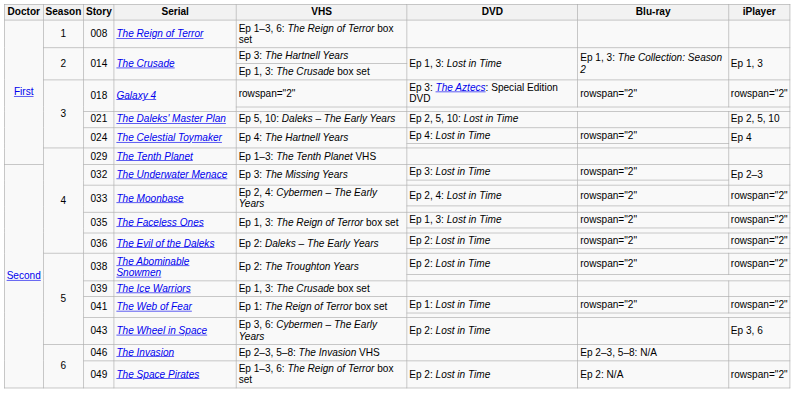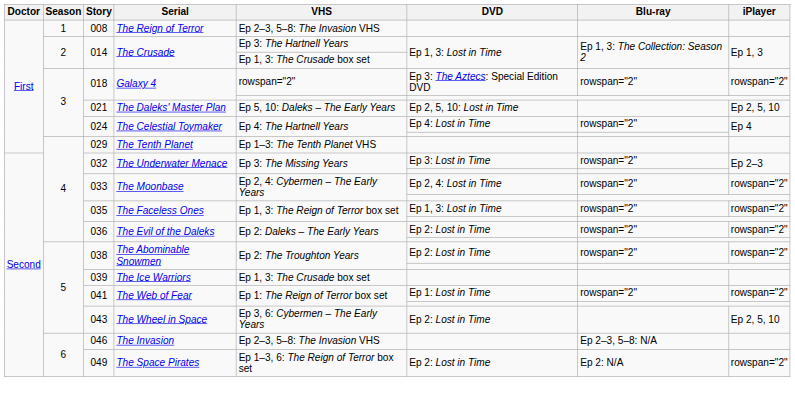 <table class="wikitable">
 <tr>
 <th>Doctor</th>
 <th>Season</th>
 <th>Story</th>
 <th>Serial</th>
 <th>VHS</th>
 <th>DVD</th>
 <th>Blu-ray</th>
 <th>iPlayer</th>
 </tr>
 <tr>
 <td rowspan="9" align="center"><a href='#'>First</a></td>
 <td align="center">1</td>
 <td align="center">008</td>
 <td><em><a href='#'>The Reign of Terror</a></em></td>
-<td>Ep 1–3, 6: <em>The Reign of Terror</em> box set</td>
+<td>Ep 2–3, 5–8: <em>The Invasion</em> VHS</td>
 <td></td>
 <td></td>
 <td></td>
 </tr>
 <tr>
 <td rowspan="2" align="center">2</td>
 <td rowspan="2" align="center">014</td>
 <td rowspan="2"><em><a href='#'>The Crusade</a></em></td>
 <td>Ep 3: <em>The Hartnell Years</em></td>
 <td rowspan="2">Ep 1, 3: <em>Lost in Time</em></td>
 <td rowspan="2">Ep 1, 3: <em>The Collection: Season 2</em></td>
 <td rowspan="2">Ep 1, 3</td>
 </tr>
 <tr>
 <td>Ep 1, 3: <em>The Crusade</em> box set</td>
 </tr>
 <tr>
 <td rowspan="5" align="center">3</td>
 <td rowspan="2" align="center">018</td>
 <td rowspan="2"><em><a href='#'>Galaxy 4</a></em></td>
 <td>rowspan="2" </td>
 <td>Ep 3: <em><a href='#'>The Aztecs</a></em>: Special Edition DVD</td>
 <td>rowspan="2" </td>
 <td>rowspan="2" </td>
 </tr>
 <tr>
 <td></td>
 </tr>
 <tr>
 <td align="center">021</td>
 <td><em><a href='#'>The Daleks' Master Plan</a></em></td>
 <td>Ep 5, 10: <em>Daleks – The Early Years</em></td>
 <td>Ep 2, 5, 10: <em>Lost in Time</em></td>
 <td></td>
 <td>Ep 2, 5, 10</td>
 </tr>
 <tr>
 <td rowspan="2" align="center">024</td>
 <td rowspan="2"><em><a href='#'>The Celestial Toymaker</a></em></td>
 <td rowspan="2">Ep 4: <em>The Hartnell Years</em></td>
 <td>Ep 4: <em>Lost in Time</em></td>
 <td>rowspan="2" </td>
 <td rowspan="2">Ep 4</td>
 </tr>
 <tr>
 <td></td>
 </tr>
 <tr>
 <td rowspan="9" align="center">4</td>
 <td align="center">029</td>
 <td><em><a href='#'>The Tenth Planet</a></em></td>
 <td>Ep 1–3: <em>The Tenth Planet</em> VHS</td>
 <td></td>
 <td></td>
 <td></td>
 </tr>
 <tr>
 <td rowspan="16" align="center"><a href='#'>Second</a></td>
 <td rowspan="2" align="center">032</td>
 <td rowspan="2"><em><a href='#'>The Underwater Menace</a></em></td>
 <td rowspan="2">Ep 3: <em>The Missing Years</em></td>
 <td>Ep 3: <em>Lost in Time</em></td>
 <td>rowspan="2" </td>
 <td rowspan="2">Ep 2–3</td>
 </tr>
 <tr>
 <td></td>
 </tr>
 <tr>
 <td rowspan="2" align="center">033</td>
 <td rowspan="2"><em><a href='#'>The Moonbase</a></em></td>
 <td rowspan="2">Ep 2, 4: <em>Cybermen – The Early Years</em></td>
 <td>Ep 2, 4: <em>Lost in Time</em></td>
 <td>rowspan="2" </td>
 <td>rowspan="2" </td>
 </tr>
 <tr>
 <td></td>
 </tr>
 <tr>
 <td rowspan="2" align="center">035</td>
 <td rowspan="2"><em><a href='#'>The Faceless Ones</a></em></td>
 <td rowspan="2">Ep 1, 3: <em>The Reign of Terror</em> box set</td>
 <td>Ep 1, 3: <em>Lost in Time</em></td>
 <td>rowspan="2" </td>
 <td>rowspan="2" </td>
 </tr>
 <tr>
 <td></td>
 </tr>
 <tr>
 <td rowspan="2" align="center">036</td>
 <td rowspan="2"><em><a href='#'>The Evil of the Daleks</a></em></td>
 <td rowspan="2">Ep 2: <em>Daleks – The Early Years</em></td>
 <td>Ep 2: <em>Lost in Time</em></td>
 <td>rowspan="2" </td>
 <td>rowspan="2" </td>
 </tr>
 <tr>
 <td></td>
 </tr>
 <tr>
 <td rowspan="6" align="center">5</td>
 <td rowspan="2" align="center">038</td>
 <td rowspan="2"><em><a href='#'>The Abominable Snowmen</a></em></td>
 <td rowspan="2">Ep 2: <em>The Troughton Years</em></td>
 <td>Ep 2: <em>Lost in Time</em></td>
 <td>rowspan="2" </td>
 <td>rowspan="2" </td>
 </tr>
 <tr>
 <td></td>
 </tr>
 <tr>
 <td align="center">039</td>
 <td><em><a href='#'>The Ice Warriors</a></em></td>
 <td>Ep 1, 3: <em>The Crusade</em> box set</td>
 <td></td>
 <td></td>
 <td></td>
 </tr>
 <tr>
 <td rowspan="2" align="center">041</td>
 <td rowspan="2"><em><a href='#'>The Web of Fear</a></em></td>
 <td rowspan="2">Ep 1: <em>The Reign of Terror</em> box set</td>
 <td>Ep 1: <em>Lost in Time</em></td>
 <td>rowspan="2" </td>
 <td>rowspan="2" </td>
 </tr>
 <tr>
 <td></td>
 </tr>
 <tr>
 <td align="center">043</td>
 <td><em><a href='#'>The Wheel in Space</a></em></td>
 <td>Ep 3, 6: <em>Cybermen – The Early Years</em></td>
 <td>Ep 2: <em>Lost in Time</em></td>
 <td></td>
-<td>Ep 3, 6</td>
+<td>Ep 2, 5, 10</td>
 </tr>
 <tr>
 <td rowspan="2" align="center">6</td>
 <td align="center">046</td>
 <td><em><a href='#'>The Invasion</a></em></td>
 <td>Ep 2–3, 5–8: <em>The Invasion</em> VHS</td>
 <td></td>
 <td>Ep 2–3, 5–8: N/A</td>
 <td></td>
 </tr>
 <tr>
 <td align="center">049</td>
 <td><em><a href='#'>The Space Pirates</a></em></td>
 <td>Ep 1–3, 6: <em>The Reign of Terror</em> box set</td>
 <td>Ep 2: <em>Lost in Time</em></td>
 <td>Ep 2: N/A</td>
 <td>rowspan="2" </td>
 </tr>
 </table>
